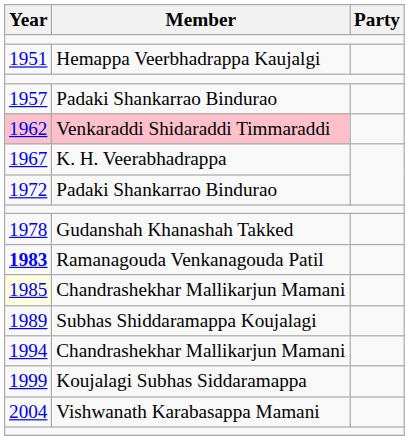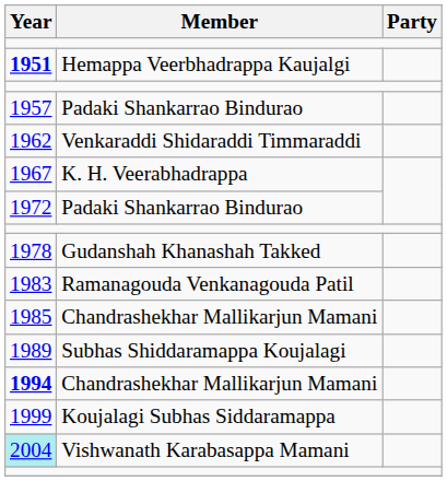 <table class="wikitable sortable">
 <tr>
 <th>Year</th>
 <th>Member</th>
 <th colspan="2">Party</th>
 </tr>
 <tr>
 <td colspan=4></td>
 </tr>
 <tr>
-<td><a href='#'>1951</a></td>
+<td><strong><a href='#'>1951</a></strong></td>
 <td>Hemappa Veerbhadrappa Kaujalgi</td>
 <td></td>
 </tr>
 <tr>
 <td colspan=4></td>
 </tr>
 <tr>
 <td><a href='#'>1957</a></td>
 <td>Padaki Shankarrao Bindurao</td>
 <td></td>
 </tr>
 <tr>
-<td style="background: pink;"><a href='#'>1962</a></td>
-<td style="background: pink;">Venkaraddi Shidaraddi Timmaraddi</td>
+<td><a href='#'>1962</a></td>
+<td>Venkaraddi Shidaraddi Timmaraddi</td>
 <td></td>
 </tr>
 <tr>
 <td><a href='#'>1967</a></td>
 <td>K. H. Veerabhadrappa</td>
 </tr>
 <tr>
 <td><a href='#'>1972</a></td>
 <td>Padaki Shankarrao Bindurao</td>
 </tr>
 <tr>
 <td colspan=4></td>
 </tr>
 <tr>
 <td><a href='#'>1978</a></td>
 <td>Gudanshah Khanashah Takked</td>
 <td></td>
 </tr>
 <tr>
-<td><strong><a href='#'>1983</a></strong></td>
+<td><a href='#'>1983</a></td>
 <td>Ramanagouda Venkanagouda Patil</td>
 </tr>
 <tr>
-<td style="background: lightyellow;"><a href='#'>1985</a></td>
+<td><a href='#'>1985</a></td>
 <td>Chandrashekhar Mallikarjun Mamani</td>
 <td></td>
 </tr>
 <tr>
 <td><a href='#'>1989</a></td>
 <td>Subhas Shiddaramappa Koujalagi</td>
 <td></td>
 </tr>
 <tr>
-<td><a href='#'>1994</a></td>
+<td><strong><a href='#'>1994</a></strong></td>
 <td>Chandrashekhar Mallikarjun Mamani</td>
 <td></td>
 </tr>
 <tr>
 <td><a href='#'>1999</a></td>
 <td>Koujalagi Subhas Siddaramappa</td>
 <td></td>
 </tr>
 <tr>
-<td><a href='#'>2004</a></td>
+<td style="background: paleturquoise;"><a href='#'>2004</a></td>
 <td>Vishwanath Karabasappa Mamani</td>
 </tr>
 <tr>
 <td colspan=4></td>
 </tr>
 <tr>
 </tr>
 </table>
